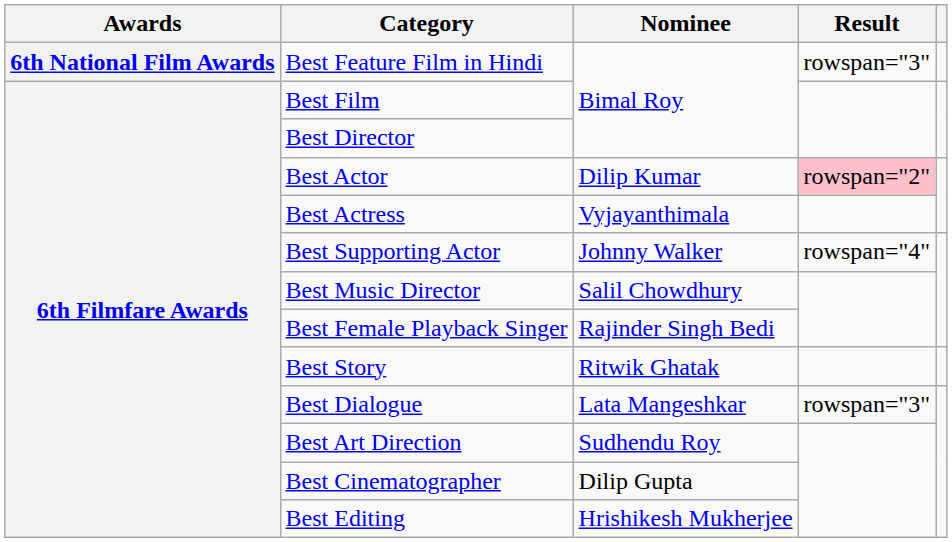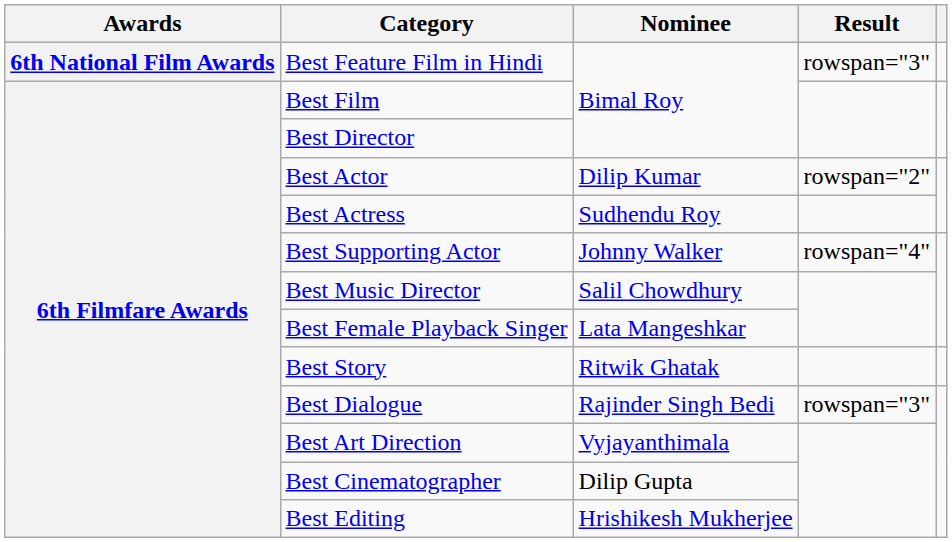 <table class="wikitable">
 <tr>
 <th>Awards</th>
 <th>Category</th>
 <th>Nominee</th>
 <th>Result</th>
 <th scope="col" class="unsortable"></th>
 </tr>
 <tr>
 <th scope="row"><a href='#'>6th National Film Awards</a></th>
 <td><a href='#'>Best Feature Film in Hindi</a></td>
 <td rowspan="3"><a href='#'>Bimal Roy</a></td>
 <td>rowspan="3" </td>
 <td style="text-align:center;"></td>
 </tr>
 <tr>
 <th scope="row" rowspan="12"><a href='#'>6th Filmfare Awards</a></th>
 <td><a href='#'>Best Film</a></td>
 <td rowspan="2" style="text-align:center;"></td>
 </tr>
 <tr>
 <td><a href='#'>Best Director</a></td>
 </tr>
 <tr>
 <td><a href='#'>Best Actor</a></td>
 <td><a href='#'>Dilip Kumar</a></td>
-<td style="background: pink;">rowspan="2" </td>
+<td>rowspan="2" </td>
 <td rowspan="2" style="text-align:center;"></td>
 </tr>
 <tr>
 <td><a href='#'>Best Actress</a></td>
-<td><a href='#'>Vyjayanthimala</a></td>
+<td><a href='#'>Sudhendu Roy</a></td>
 </tr>
 <tr>
 <td><a href='#'>Best Supporting Actor</a></td>
 <td><a href='#'>Johnny Walker</a></td>
 <td>rowspan="4" </td>
 <td rowspan="3" style="text-align:center;"></td>
 </tr>
 <tr>
 <td><a href='#'>Best Music Director</a></td>
 <td><a href='#'>Salil Chowdhury</a></td>
 </tr>
 <tr>
 <td><a href='#'>Best Female Playback Singer</a></td>
-<td><a href='#'>Rajinder Singh Bedi</a></td>
+<td><a href='#'>Lata Mangeshkar</a></td>
 </tr>
 <tr>
 <td><a href='#'>Best Story</a></td>
 <td><a href='#'>Ritwik Ghatak</a></td>
 <td></td>
 <td style="text-align:center;"></td>
 </tr>
 <tr>
 <td><a href='#'>Best Dialogue</a></td>
-<td><a href='#'>Lata Mangeshkar</a></td>
+<td><a href='#'>Rajinder Singh Bedi</a></td>
 <td>rowspan="3" </td>
 <td rowspan="4" style="text-align:center;"></td>
 </tr>
 <tr>
 <td><a href='#'>Best Art Direction</a></td>
-<td><a href='#'>Sudhendu Roy</a></td>
+<td><a href='#'>Vyjayanthimala</a></td>
 </tr>
 <tr>
 <td><a href='#'>Best Cinematographer</a></td>
 <td>Dilip Gupta</td>
 </tr>
 <tr>
 <td><a href='#'>Best Editing</a></td>
 <td><a href='#'>Hrishikesh Mukherjee</a></td>
 </tr>
 </table>
